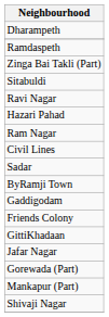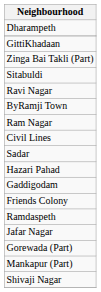 <table class="wikitable sortable static-row-numbers static-row-header-hash">
 <tr>
 <th>Neighbourhood</th>
 </tr>
 <tr>
 <td>Dharampeth</td>
 </tr>
 <tr>
 </tr>
 <tr Aziz Colony Chandrayangutta))>
 </tr>
 <tr>
-<td>Ramdaspeth</td>
+<td>GittiKhadaan</td>
 </tr>
 <tr>
 <td>Zinga Bai Takli (Part)</td>
 </tr>
 <tr>
 <td>Sitabuldi</td>
 </tr>
 <tr>
 <td>Ravi Nagar</td>
 </tr>
 <tr>
-<td>Hazari Pahad</td>
+<td>ByRamji Town</td>
 </tr>
 <tr>
 <td>Ram Nagar</td>
 </tr>
 <tr>
 <td>Civil Lines</td>
 </tr>
 <tr>
 <td>Sadar</td>
 </tr>
 <tr>
-<td>ByRamji Town</td>
+<td>Hazari Pahad</td>
 </tr>
 <tr>
 <td>Gaddigodam</td>
 </tr>
 <tr>
 <td>Friends Colony</td>
 </tr>
 <tr>
-<td>GittiKhadaan</td>
+<td>Ramdaspeth</td>
 </tr>
 <tr>
 <td>Jafar Nagar</td>
 </tr>
 <tr>
 <td>Gorewada (Part)</td>
 </tr>
 <tr>
 <td>Mankapur (Part)</td>
 </tr>
 <tr>
 <td>Shivaji Nagar</td>
 </tr>
 <tr>
 </tr>
 </table>
